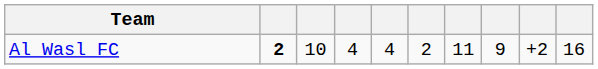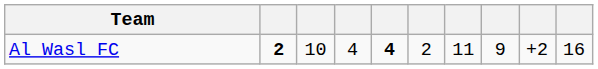 <table class="wikitable" style="text-align: center;">
 <tr>
 <th width="175">Team</th>
 <th width="20"></th>
 <th width="20"></th>
 <th width="20"></th>
 <th width="20"></th>
 <th width="20"></th>
 <th width="20"></th>
 <th width="20"></th>
 <th width="20"></th>
 <th width="20"></th>
 </tr>
 <tr>
 <td align=left> <a href='#'>Al Wasl FC</a></td>
 <td><strong>2</strong></td>
 <td>10</td>
 <td>4</td>
-<td>4</td>
+<td><strong>4</strong></td>
 <td>2</td>
 <td>11</td>
 <td>9</td>
 <td>+2</td>
 <td>16</td>
 </tr>
 </table>
